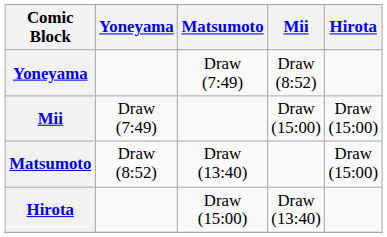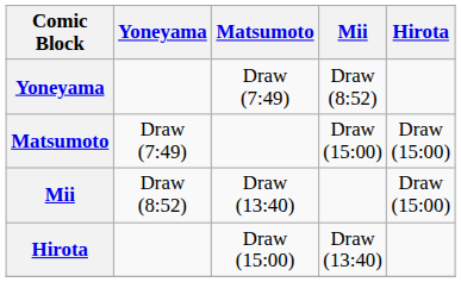 <table class="wikitable" style="text-align:center; margin: 1em auto 1em auto;" width="25%">
 <tr>
 <th>Comic Block</th>
 <th><a href='#'>Yoneyama</a></th>
 <th><a href='#'>Matsumoto</a></th>
 <th><a href='#'>Mii</a></th>
 <th><a href='#'>Hirota</a></th>
 </tr>
 <tr>
 <th><a href='#'>Yoneyama</a></th>
 <td></td>
 <td>Draw<br>(7:49)</td>
 <td>Draw<br>(8:52)</td>
 <td></td>
 </tr>
 <tr>
-<th><a href='#'>Mii</a></th>
+<th><a href='#'>Matsumoto</a></th>
 <td>Draw<br>(7:49)</td>
 <td></td>
 <td>Draw<br>(15:00)</td>
 <td>Draw<br>(15:00)</td>
 </tr>
 <tr>
-<th><a href='#'>Matsumoto</a></th>
+<th><a href='#'>Mii</a></th>
 <td>Draw<br>(8:52)</td>
 <td>Draw<br>(13:40)</td>
 <td></td>
 <td>Draw<br>(15:00)</td>
 </tr>
 <tr>
 <th><a href='#'>Hirota</a></th>
 <td></td>
 <td>Draw<br>(15:00)</td>
 <td>Draw<br>(13:40)</td>
 <td></td>
 </tr>
 <tr>
 </tr>
 </table>
